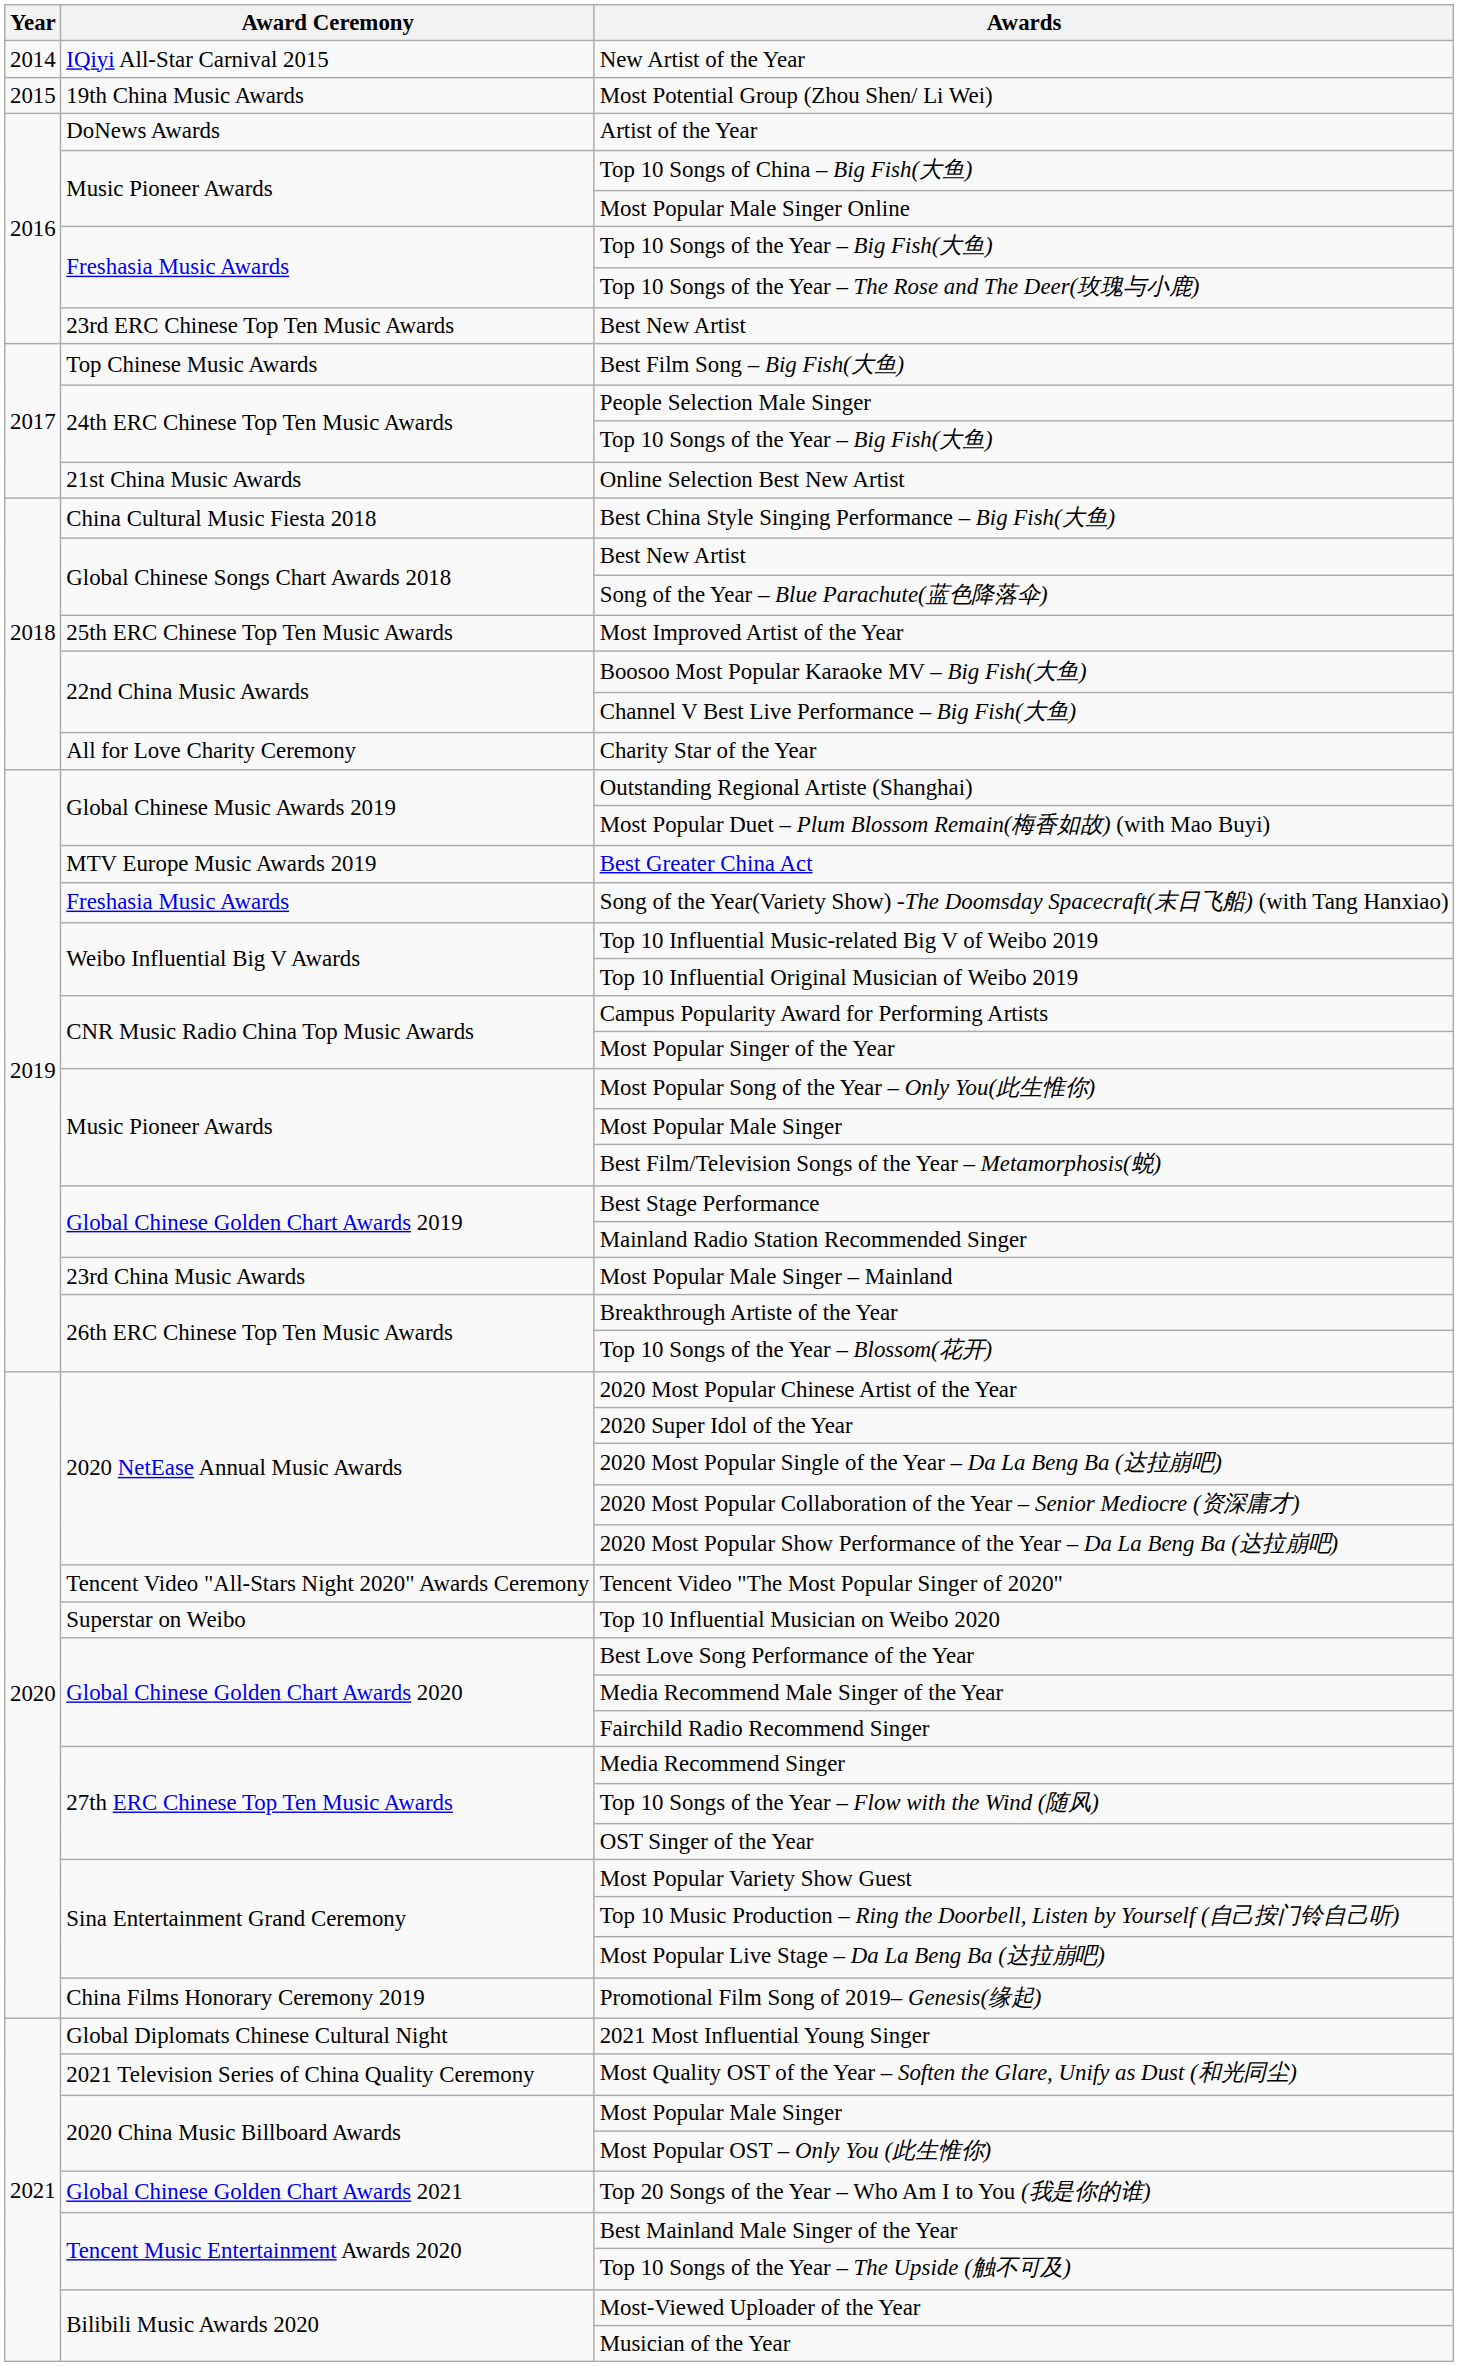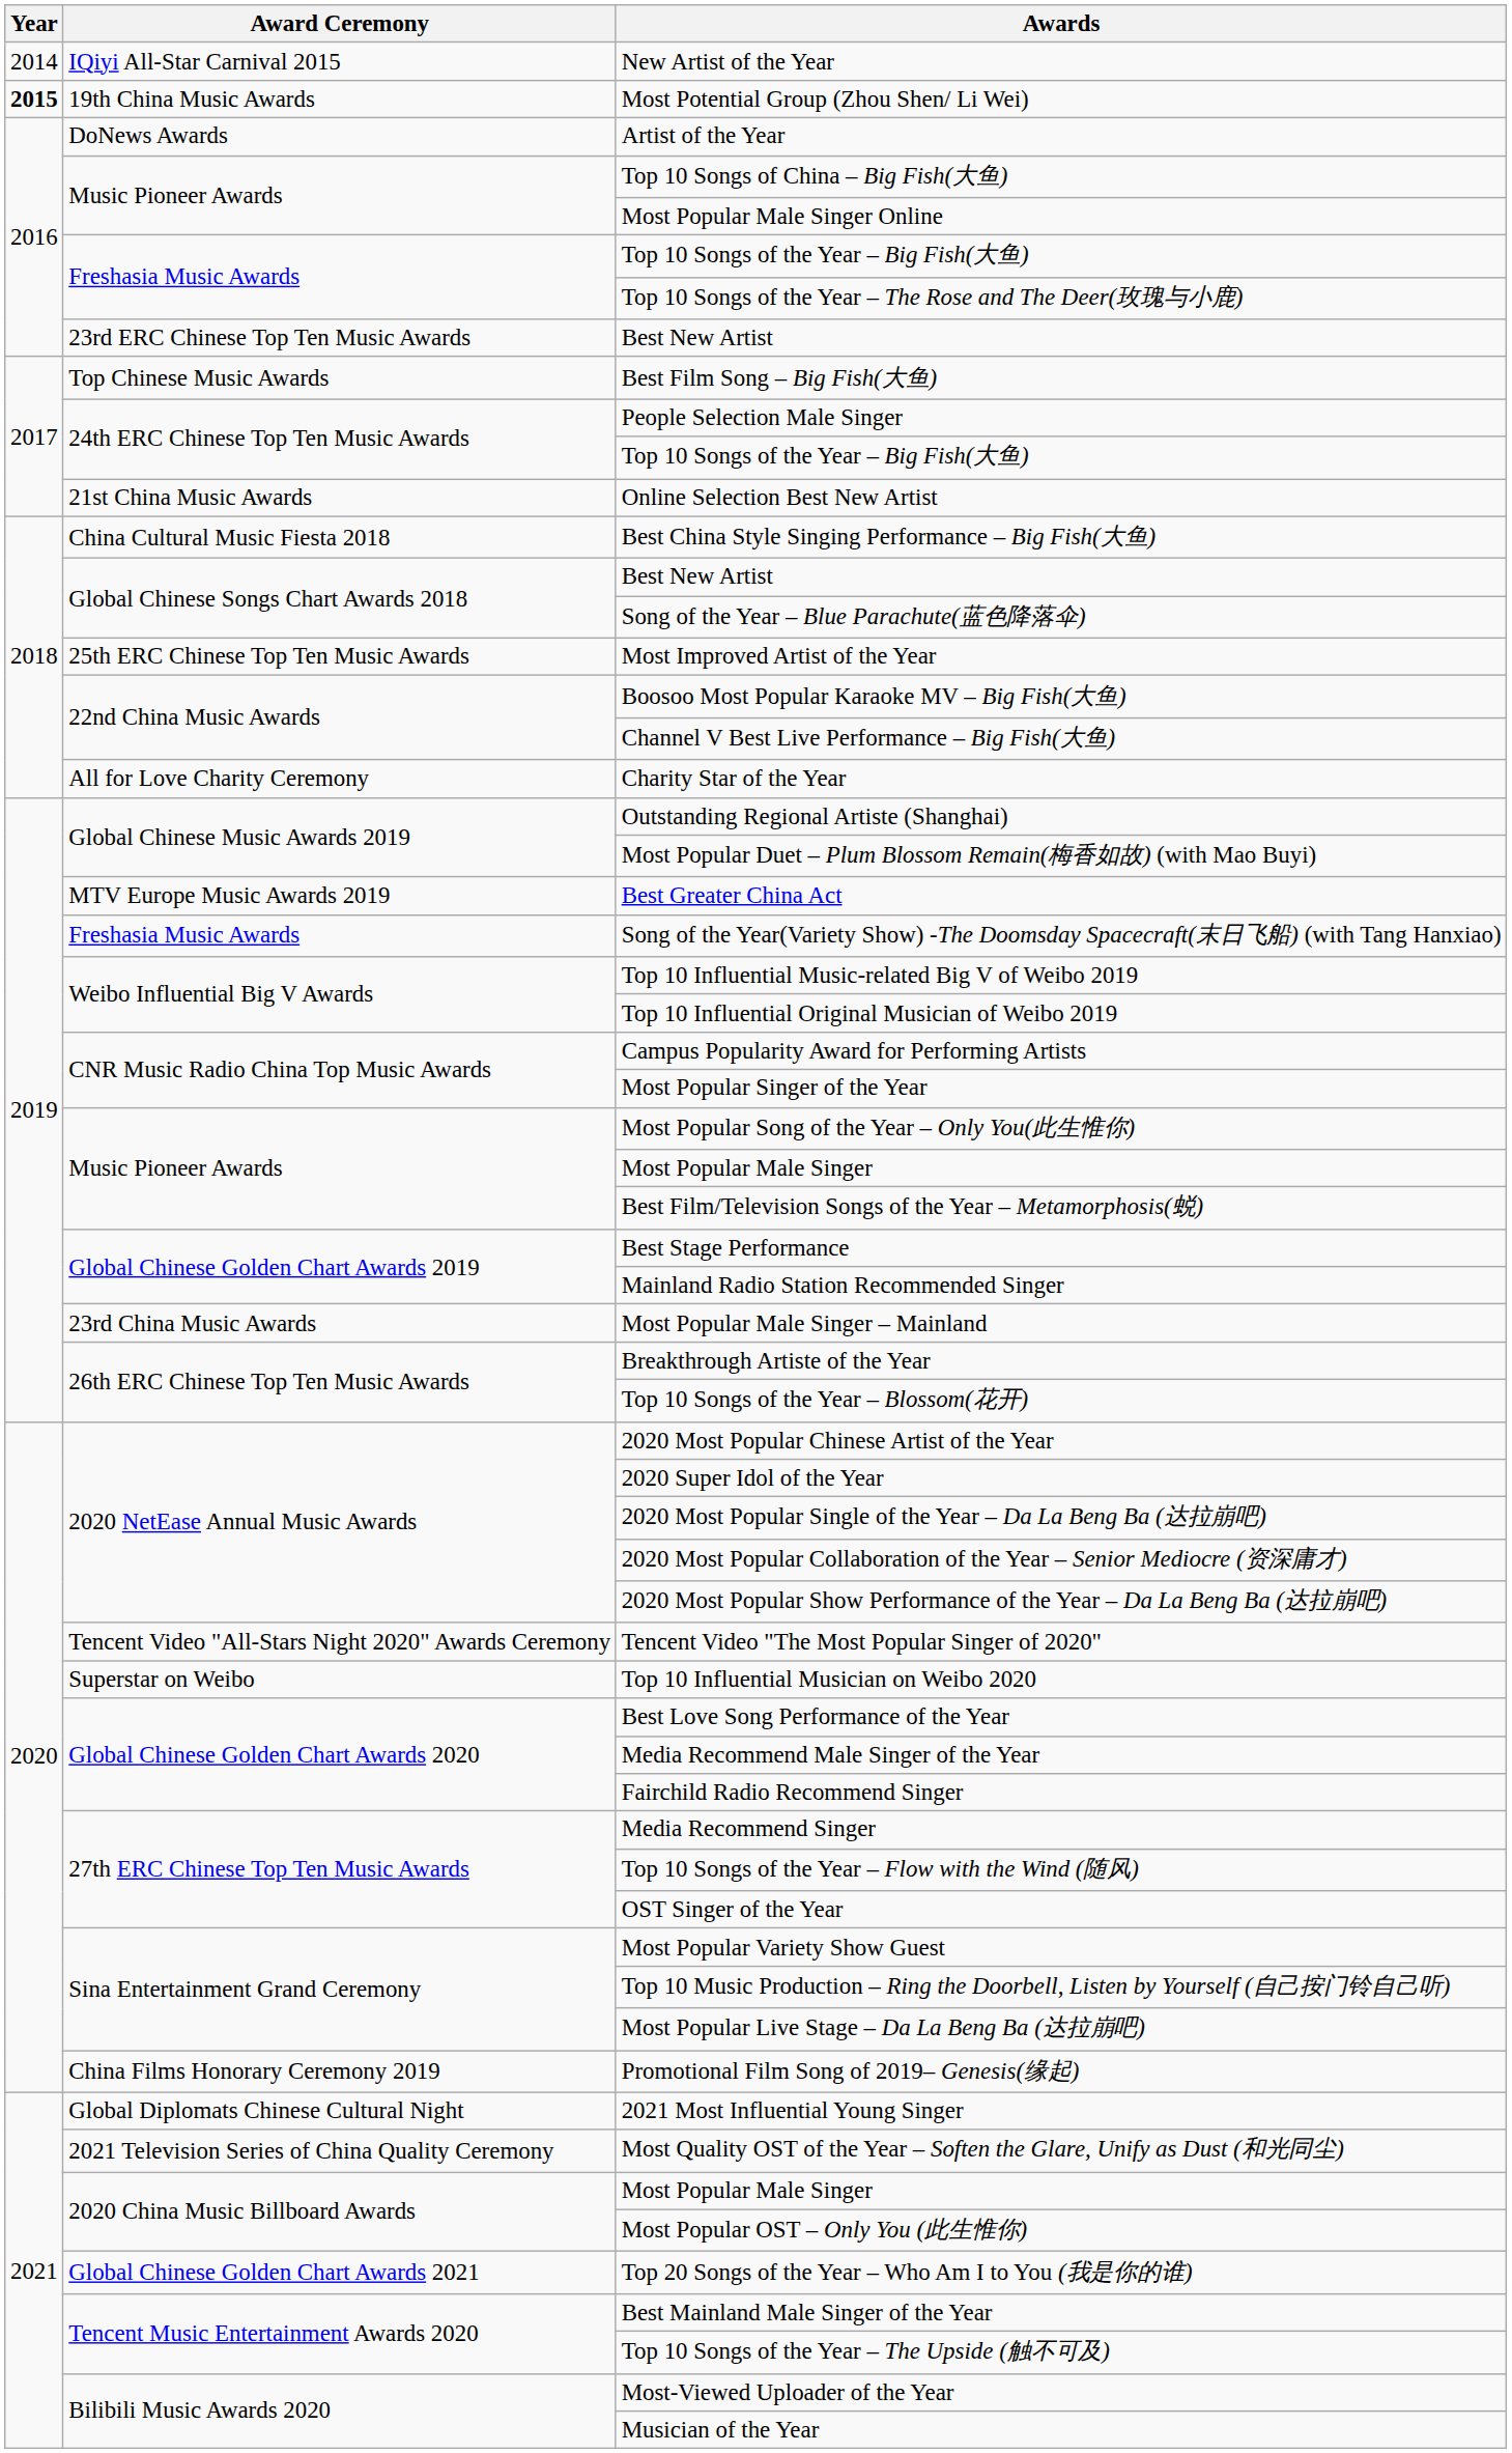 <table class="wikitable">
 <tr>
 <th>Year</th>
 <th>Award Ceremony</th>
 <th>Awards</th>
 </tr>
 <tr>
 <td>2014</td>
 <td><a href='#'>IQiyi</a> All-Star Carnival 2015</td>
 <td>New Artist of the Year</td>
 </tr>
 <tr>
-<td>2015</td>
+<td><strong>2015</strong></td>
 <td>19th China Music Awards</td>
 <td>Most Potential Group (Zhou Shen/ Li Wei)</td>
 </tr>
 <tr>
 <td rowspan="6">2016</td>
 <td>DoNews Awards</td>
 <td>Artist of the Year</td>
 </tr>
 <tr>
 <td rowspan="2">Music Pioneer Awards</td>
 <td>Top 10 Songs of China – <em>Big Fish(大鱼)</em></td>
 </tr>
 <tr>
 <td>Most Popular Male Singer Online</td>
 </tr>
 <tr>
 <td rowspan="2"><a href='#'>Freshasia Music Awards</a></td>
 <td>Top 10 Songs of the Year – <em>Big Fish(大鱼)</em></td>
 </tr>
 <tr>
 <td>Top 10 Songs of the Year – <em>The Rose and The Deer(玫瑰与小鹿)</em></td>
 </tr>
 <tr>
 <td>23rd ERC Chinese Top Ten Music Awards</td>
 <td>Best New Artist</td>
 </tr>
 <tr>
 <td rowspan="4">2017</td>
 <td>Top Chinese Music Awards</td>
 <td>Best Film Song – <em>Big Fish(大鱼)</em></td>
 </tr>
 <tr>
 <td rowspan="2">24th ERC Chinese Top Ten Music Awards</td>
 <td>People Selection Male Singer</td>
 </tr>
 <tr>
 <td>Top 10 Songs of the Year – <em>Big Fish(大鱼)</em></td>
 </tr>
 <tr>
 <td>21st China Music Awards</td>
 <td>Online Selection Best New Artist</td>
 </tr>
 <tr>
 <td rowspan="7">2018</td>
 <td>China Cultural Music Fiesta 2018</td>
 <td>Best China Style Singing Performance – <em>Big Fish(大鱼)</em></td>
 </tr>
 <tr>
 <td rowspan="2">Global Chinese Songs Chart Awards 2018</td>
 <td>Best New Artist</td>
 </tr>
 <tr>
 <td>Song of the Year – <em>Blue Parachute(蓝色降落伞)</em></td>
 </tr>
 <tr>
 <td>25th ERC Chinese Top Ten Music Awards</td>
 <td>Most Improved Artist of the Year</td>
 </tr>
 <tr>
 <td rowspan="2">22nd China Music Awards</td>
 <td>Boosoo Most Popular Karaoke MV – <em>Big Fish(大鱼)</em></td>
 </tr>
 <tr>
 <td>Channel V Best Live Performance – <em>Big Fish(大鱼)</em></td>
 </tr>
 <tr>
 <td>All for Love Charity Ceremony </td>
 <td>Charity Star of the Year</td>
 </tr>
 <tr>
 <td rowspan="16">2019</td>
 <td rowspan="2">Global Chinese Music Awards 2019</td>
 <td>Outstanding Regional Artiste (Shanghai)</td>
 </tr>
 <tr>
 <td>Most Popular Duet – <em>Plum Blossom Remain(梅香如故)</em> (with Mao Buyi)</td>
 </tr>
 <tr>
 <td>MTV Europe Music Awards 2019</td>
 <td><a href='#'>Best Greater China Act</a></td>
 </tr>
 <tr>
 <td><a href='#'>Freshasia Music Awards</a></td>
 <td>Song of the Year(Variety Show) -<em>The Doomsday Spacecraft(末日飞船)</em> (with Tang Hanxiao)</td>
 </tr>
 <tr>
 <td rowspan="2">Weibo Influential Big V Awards</td>
 <td>Top 10 Influential Music-related Big V of Weibo 2019</td>
 </tr>
 <tr>
 <td>Top 10 Influential Original Musician of Weibo 2019</td>
 </tr>
 <tr>
 <td rowspan="2">CNR Music Radio China Top Music Awards</td>
 <td>Campus Popularity Award for Performing Artists</td>
 </tr>
 <tr>
 <td>Most Popular Singer of the Year</td>
 </tr>
 <tr>
 <td rowspan="3">Music Pioneer Awards</td>
 <td>Most Popular Song of the Year – <em>Only You(此生惟你)</em></td>
 </tr>
 <tr>
 <td>Most Popular Male Singer</td>
 </tr>
 <tr>
 <td>Best Film/Television Songs of the Year – <em>Metamorphosis(蜕)</em></td>
 </tr>
 <tr>
 <td rowspan="2"><a href='#'>Global Chinese Golden Chart Awards</a> 2019</td>
 <td>Best Stage Performance</td>
 </tr>
 <tr>
 <td>Mainland Radio Station Recommended Singer</td>
 </tr>
 <tr>
 <td>23rd China Music Awards</td>
 <td>Most Popular Male Singer – Mainland</td>
 </tr>
 <tr>
 <td rowspan="2">26th ERC Chinese Top Ten Music Awards</td>
 <td>Breakthrough Artiste of the Year</td>
 </tr>
 <tr>
 <td>Top 10 Songs of the Year – <em>Blossom(花开)</em></td>
 </tr>
 <tr>
 <td rowspan="17">2020</td>
 <td rowspan="5">2020 <a href='#'>NetEase</a> Annual Music Awards</td>
 <td>2020 Most Popular Chinese Artist of the Year</td>
 </tr>
 <tr>
 <td>2020 Super Idol of the Year</td>
 </tr>
 <tr>
 <td>2020 Most Popular Single of the Year – <em>Da La Beng Ba (达拉崩吧)</em></td>
 </tr>
 <tr>
 <td>2020 Most Popular Collaboration of the Year – <em>Senior Mediocre (资深庸才)</em></td>
 </tr>
 <tr>
 <td>2020 Most Popular Show Performance of the Year – <em>Da La Beng Ba (达拉崩吧)</em></td>
 </tr>
 <tr>
 <td>Tencent Video "All-Stars Night 2020" Awards Ceremony</td>
 <td>Tencent Video "The Most Popular Singer of 2020"</td>
 </tr>
 <tr>
 <td>Superstar on Weibo</td>
 <td>Top 10 Influential Musician on Weibo 2020</td>
 </tr>
 <tr>
 <td rowspan="3"><a href='#'>Global Chinese Golden Chart Awards</a> 2020</td>
 <td>Best Love Song Performance of the Year</td>
 </tr>
 <tr>
 <td>Media Recommend Male Singer of the Year</td>
 </tr>
 <tr>
 <td>Fairchild Radio Recommend Singer</td>
 </tr>
 <tr>
 <td rowspan="3">27th <a href='#'>ERC Chinese Top Ten Music Awards</a></td>
 <td>Media Recommend Singer</td>
 </tr>
 <tr>
 <td>Top 10 Songs of the Year – <em>Flow with the Wind (随风)</em></td>
 </tr>
 <tr>
 <td>OST Singer of the Year</td>
 </tr>
 <tr>
 <td rowspan="3">Sina Entertainment Grand Ceremony</td>
 <td>Most Popular Variety Show Guest</td>
 </tr>
 <tr>
 <td>Top 10 Music Production – <em>Ring the Doorbell, Listen by Yourself (自己按门铃自己听)</em></td>
 </tr>
 <tr>
 <td>Most Popular Live Stage – <em>Da La Beng Ba (达拉崩吧)</em></td>
 </tr>
 <tr>
 <td>China Films Honorary Ceremony 2019</td>
 <td>Promotional Film Song of 2019– <em>Genesis(缘起)</em></td>
 </tr>
 <tr>
 <td rowspan="9">2021</td>
 <td>Global Diplomats Chinese Cultural Night</td>
 <td>2021 Most Influential Young Singer</td>
 </tr>
 <tr>
 <td>2021 Television Series of China Quality Ceremony</td>
 <td>Most Quality OST of the Year – <em>Soften the Glare, Unify as Dust (和光同尘)</em></td>
 </tr>
 <tr>
 <td rowspan="2">2020 China Music Billboard Awards</td>
 <td>Most Popular Male Singer</td>
 </tr>
 <tr>
 <td>Most Popular OST – <em>Only You (此生惟你)</em></td>
 </tr>
 <tr>
 <td><a href='#'>Global Chinese Golden Chart Awards</a> 2021</td>
 <td>Top 20 Songs of the Year – Who Am I to You <em>(我是你的谁)</em></td>
 </tr>
 <tr>
 <td rowspan="2"><a href='#'>Tencent Music Entertainment</a> Awards 2020</td>
 <td>Best Mainland Male Singer of the Year</td>
 </tr>
 <tr>
 <td>Top 10 Songs of the Year – <em>The Upside (触不可及)</em></td>
 </tr>
 <tr>
 <td rowspan="2">Bilibili Music Awards 2020</td>
 <td>Most-Viewed Uploader of the Year</td>
 </tr>
 <tr>
 <td>Musician of the Year</td>
 </tr>
 </table>
